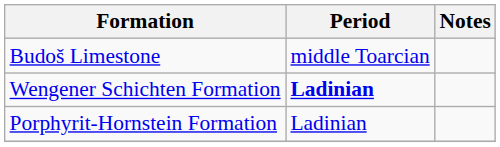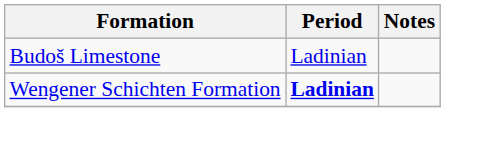 <table class="wikitable sortable">
 <tr>
 <th>Formation</th>
 <th>Period</th>
 <th class="unsortable">Notes</th>
 </tr>
 <tr>
 <td><a href='#'>Budoš Limestone</a></td>
-<td style="background-color: "><a href='#'>middle Toarcian</a></td>
+<td style="background-color: "><a href='#'>Ladinian</a></td>
 <td align=center></td>
 </tr>
 <tr>
 <td><a href='#'>Wengener Schichten Formation</a></td>
 <td style="background-color: "><strong><a href='#'>Ladinian</a></strong></td>
 <td align=center></td>
 </tr>
 <tr>
-<td><a href='#'>Porphyrit-Hornstein Formation</a></td>
-<td style="background-color: "><a href='#'>Ladinian</a></td>
-<td align=center></td>
-</tr>
-<tr>
 </tr>
 </table>
